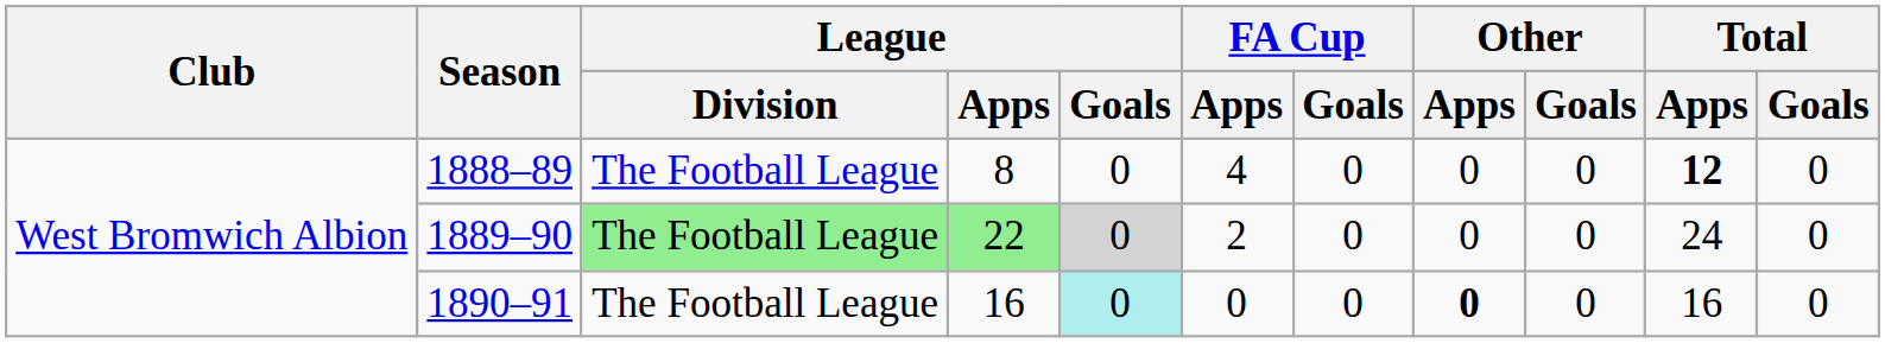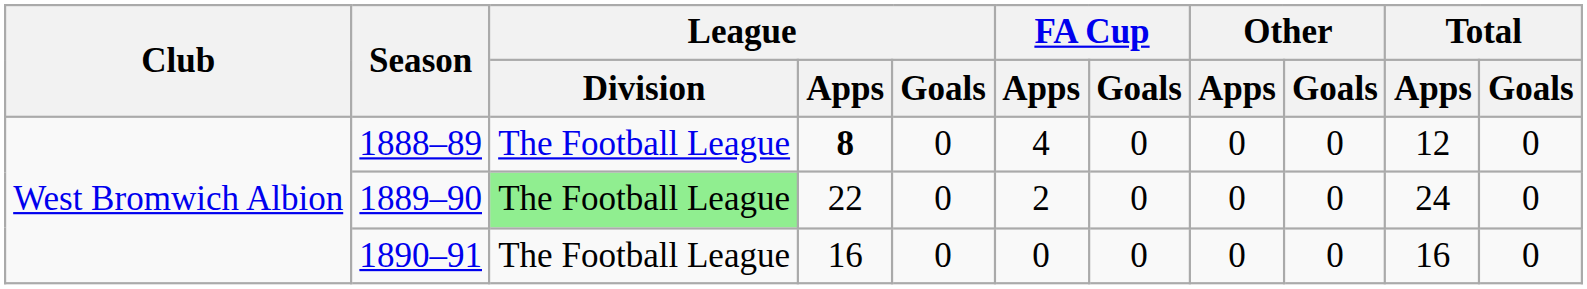 <table class="wikitable" style="text-align:center">
 <tr>
 <th rowspan="2">Club</th>
 <th rowspan="2">Season</th>
 <th colspan="3">League</th>
 <th colspan="2"><a href='#'>FA Cup</a></th>
 <th colspan="2">Other</th>
 <th colspan="2">Total</th>
 </tr>
 <tr>
 <th>Division</th>
 <th>Apps</th>
 <th>Goals</th>
 <th>Apps</th>
 <th>Goals</th>
 <th>Apps</th>
 <th>Goals</th>
 <th>Apps</th>
 <th>Goals</th>
 </tr>
 <tr>
 <td rowspan="3"><a href='#'>West Bromwich Albion</a></td>
 <td><a href='#'>1888–89</a></td>
 <td><a href='#'>The Football League</a></td>
-<td>8</td>
+<td><strong>8</strong></td>
 <td>0</td>
 <td>4</td>
 <td>0</td>
 <td>0</td>
 <td>0</td>
-<td><strong>12</strong></td>
+<td>12</td>
 <td>0</td>
 </tr>
 <tr>
 <td><a href='#'>1889–90</a></td>
 <td style="background: lightgreen;">The Football League</td>
-<td style="background: lightgreen;">22</td>
-<td style="background: lightgrey;">0</td>
+<td>22</td>
+<td>0</td>
 <td>2</td>
 <td>0</td>
 <td>0</td>
 <td>0</td>
 <td>24</td>
 <td>0</td>
 </tr>
 <tr>
 <td><a href='#'>1890–91</a></td>
 <td>The Football League</td>
 <td>16</td>
-<td style="background: paleturquoise;">0</td>
 <td>0</td>
 <td>0</td>
-<td><strong>0</strong></td>
+<td>0</td>
+<td>0</td>
 <td>0</td>
 <td>16</td>
 <td>0</td>
 </tr>
 </table>
